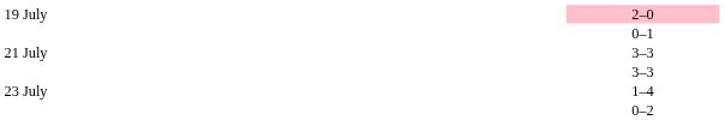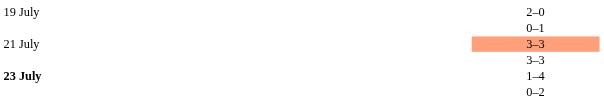 <table cellspacing=1 width=70%>
 <tr>
 <th width=25%></th>
 <th width=30%></th>
 <th width=15%></th>
 <th width=30%></th>
 </tr>
 <tr>
 <td>19 July</td>
 <td align=right></td>
-<td align=center style="background: pink;">2–0</td>
+<td align=center>2–0</td>
 <td></td>
 </tr>
 <tr>
 <td></td>
 <td align=right></td>
 <td align=center>0–1</td>
 <td></td>
 </tr>
 <tr>
 <td>21 July</td>
 <td align=right></td>
-<td align=center>3–3</td>
+<td align=center style="background: lightsalmon;">3–3</td>
 <td></td>
 </tr>
 <tr>
 <td></td>
 <td align=right></td>
 <td align=center>3–3</td>
 <td></td>
 </tr>
 <tr>
-<td>23 July</td>
+<td><strong>23 July</strong></td>
 <td align=right></td>
 <td align=center>1–4</td>
 <td></td>
 </tr>
 <tr>
 <td></td>
 <td align=right></td>
 <td align=center>0–2</td>
 <td></td>
 </tr>
 </table>
